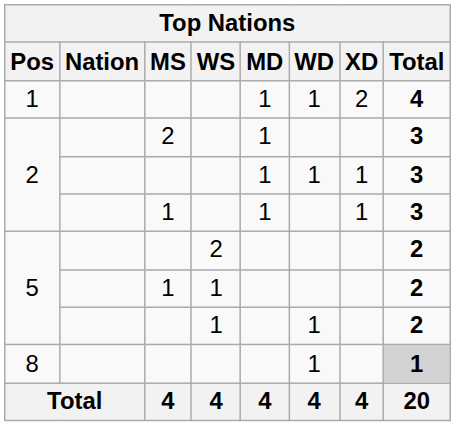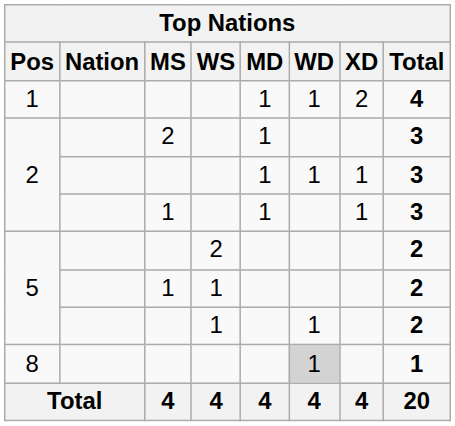 <table class="wikitable" style="text-align:center">
 <tr>
 <th colspan="10">Top Nations</th>
 </tr>
 <tr>
 <th>Pos</th>
 <th>Nation</th>
 <th>MS</th>
 <th>WS</th>
 <th>MD</th>
 <th>WD</th>
 <th>XD</th>
 <th>Total</th>
 </tr>
 <tr>
 <td>1</td>
 <td align="left"></td>
 <td></td>
 <td></td>
 <td>1</td>
 <td>1</td>
 <td>2</td>
 <td><strong>4</strong></td>
 </tr>
 <tr>
 <td rowspan=3>2</td>
 <td align="left"></td>
 <td>2</td>
 <td></td>
 <td>1</td>
 <td></td>
 <td></td>
 <td><strong>3</strong></td>
 </tr>
 <tr>
 <td align="left"></td>
 <td></td>
 <td></td>
 <td>1</td>
 <td>1</td>
 <td>1</td>
 <td><strong>3</strong></td>
 </tr>
 <tr>
 <td align="left"></td>
 <td>1</td>
 <td></td>
 <td>1</td>
 <td></td>
 <td>1</td>
 <td><strong>3</strong></td>
 </tr>
 <tr>
 <td rowspan="3">5</td>
 <td align="left"></td>
 <td></td>
 <td>2</td>
 <td></td>
 <td></td>
 <td></td>
 <td><strong>2</strong></td>
 </tr>
 <tr>
 <td align="left"></td>
 <td>1</td>
 <td>1</td>
 <td></td>
 <td></td>
 <td></td>
 <td><strong>2</strong></td>
 </tr>
 <tr>
 <td align="left"></td>
 <td></td>
 <td>1</td>
 <td></td>
 <td>1</td>
 <td></td>
 <td><strong>2</strong></td>
 </tr>
 <tr>
 <td>8</td>
 <td align="left"></td>
 <td></td>
 <td></td>
 <td></td>
-<td>1</td>
+<td style="background: lightgrey;">1</td>
 <td></td>
-<td style="background: lightgrey;"><strong>1</strong></td>
+<td><strong>1</strong></td>
 </tr>
 <tr>
 <th colspan="2">Total</th>
 <th>4</th>
 <th>4</th>
 <th>4</th>
 <th>4</th>
 <th>4</th>
 <th>20</th>
 </tr>
 </table>
